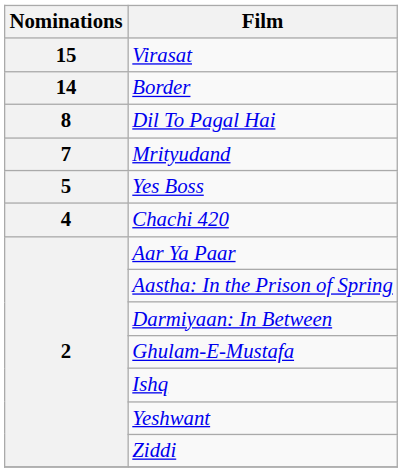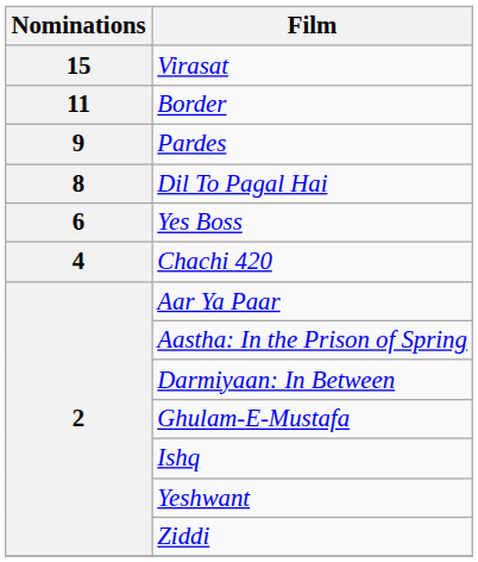 <table class="wikitable" style="display:inline-table;">
 <tr>
 <th>Nominations</th>
 <th>Film</th>
 </tr>
 <tr>
 <th>15</th>
 <td><em><a href='#'>Virasat</a></em></td>
 </tr>
 <tr>
-<th>14</th>
+<th>11</th>
 <td><em><a href='#'>Border</a></em></td>
+</tr>
+<tr>
+<th>9</th>
+<td><em><a href='#'>Pardes</a></em></td>
 </tr>
 <tr>
 <th>8</th>
 <td><em><a href='#'>Dil To Pagal Hai</a></em></td>
 </tr>
 <tr>
-<th>7</th>
-<td><em><a href='#'>Mrityudand</a></em></td>
-</tr>
-<tr>
-<th>5</th>
+<th>6</th>
 <td><em><a href='#'>Yes Boss</a></em></td>
 </tr>
 <tr>
 <th>4</th>
 <td><em><a href='#'>Chachi 420</a></em></td>
 </tr>
 <tr>
 <th rowspan="7">2</th>
 <td><em><a href='#'>Aar Ya Paar</a></em></td>
 </tr>
 <tr>
 <td><em><a href='#'>Aastha: In the Prison of Spring</a></em></td>
 </tr>
 <tr>
 <td><em><a href='#'>Darmiyaan: In Between</a></em></td>
 </tr>
 <tr>
 <td><em><a href='#'>Ghulam-E-Mustafa</a></em></td>
 </tr>
 <tr>
 <td><em><a href='#'>Ishq</a></em></td>
 </tr>
 <tr>
 <td><em><a href='#'>Yeshwant</a></em></td>
 </tr>
 <tr>
 <td><em><a href='#'>Ziddi</a></em></td>
 </tr>
 <tr>
 </tr>
 </table>
